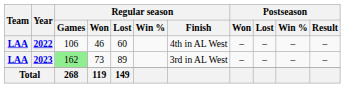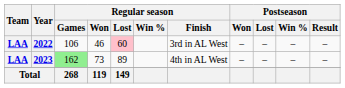 <table class="wikitable" style="font-size: 95%; text-align:center;">
 <tr>
 <th rowspan="2">Team</th>
 <th rowspan="2">Year</th>
 <th colspan="5">Regular season</th>
 <th colspan="4">Postseason</th>
 </tr>
 <tr>
 <th>Games</th>
 <th>Won</th>
 <th>Lost</th>
 <th>Win %</th>
 <th>Finish</th>
 <th>Won</th>
 <th>Lost</th>
 <th>Win %</th>
 <th>Result</th>
 </tr>
 <tr>
 <th><a href='#'>LAA</a></th>
 <th><a href='#'>2022</a></th>
 <td>106</td>
 <td>46</td>
-<td>60</td>
+<td style="background: pink;">60</td>
 <td></td>
-<td>4th in AL West</td>
+<td>3rd in AL West</td>
 <td>–</td>
 <td>–</td>
 <td>–</td>
 <td>–</td>
 </tr>
 <tr>
 <th><a href='#'>LAA</a></th>
 <th><a href='#'>2023</a></th>
 <td style="background: lightgreen;">162</td>
 <td>73</td>
 <td>89</td>
 <td></td>
-<td>3rd in AL West</td>
+<td>4th in AL West</td>
 <td>–</td>
 <td>–</td>
 <td>–</td>
 <td>–</td>
 </tr>
 <tr>
 </tr>
 <tr>
 <th colspan="2">Total</th>
 <th>268</th>
 <th>119</th>
 <th>149</th>
 <th></th>
 <th></th>
 <th></th>
 <th></th>
 <th></th>
 <th></th>
 </tr>
 </table>
